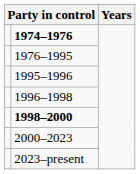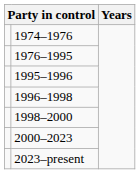 <table class="wikitable">
 <tr>
 <th colspan="2">Party in control</th>
 <th>Years</th>
 </tr>
 <tr>
 <td></td>
-<td><strong>1974–1976</strong></td>
+<td>1974–1976</td>
 </tr>
 <tr>
 <td></td>
 <td>1976–1995</td>
 </tr>
 <tr>
 <td></td>
 <td>1995–1996</td>
 </tr>
 <tr>
 <td></td>
 <td>1996–1998</td>
 </tr>
 <tr>
 <td></td>
-<td><strong>1998–2000</strong></td>
+<td>1998–2000</td>
 </tr>
 <tr>
 <td></td>
 <td>2000–2023</td>
 </tr>
 <tr>
 <td></td>
 <td>2023–present</td>
 </tr>
 </table>
